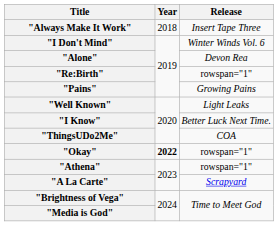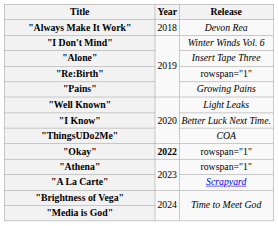 <table class="wikitable plainrowheaders" style="text-align:center;">
 <tr>
 <th scope="col" style="width:15em;">Title</th>
 <th scope="col">Year</th>
 <th scope="col">Release</th>
 </tr>
 <tr>
 <th scope="row">"Always Make It Work"<br></th>
 <td>2018</td>
-<td><em>Insert Tape Three</em></td>
+<td><em>Devon Rea</em></td>
 </tr>
 <tr>
 <th scope="row">"I Don't Mind"<br></th>
 <td rowspan="4">2019</td>
 <td><em>Winter Winds Vol. 6</em></td>
 </tr>
 <tr>
 <th scope="row">"Alone"<br></th>
-<td><em>Devon Rea</em></td>
+<td><em>Insert Tape Three</em></td>
 </tr>
 <tr>
 <th scope="row">"Re:Birth"<br></th>
 <td>rowspan="1" </td>
 </tr>
 <tr>
 <th scope="row">"Pains"<br></th>
 <td><em>Growing Pains</em></td>
 </tr>
 <tr>
 <th scope="row">"Well Known"<br></th>
 <td rowspan="3">2020</td>
 <td><em>Light Leaks</em></td>
 </tr>
 <tr>
 <th scope="row">"I Know"<br></th>
 <td><em>Better Luck Next Time.</em></td>
 </tr>
 <tr>
 <th scope="row">"ThingsUDo2Me"<br></th>
 <td><em>COA</em></td>
 </tr>
 <tr>
 <th scope="row">"Okay"<br></th>
 <td><strong>2022</strong></td>
 <td>rowspan="1" </td>
 </tr>
 <tr>
 <th scope="row">"Athena"<br></th>
 <td rowspan="2">2023</td>
 <td>rowspan="1" </td>
 </tr>
 <tr>
 <th scope="row">"A La Carte"<br></th>
 <td><em><a href='#'>Scrapyard</a></em></td>
 </tr>
 <tr>
 <th scope="row">"Brightness of Vega"<br></th>
 <td rowspan="2">2024</td>
 <td rowspan="2"><em>Time to Meet God</em></td>
 </tr>
 <tr>
 <th scope="row">"Media is God"<br></th>
 </tr>
 </table>
